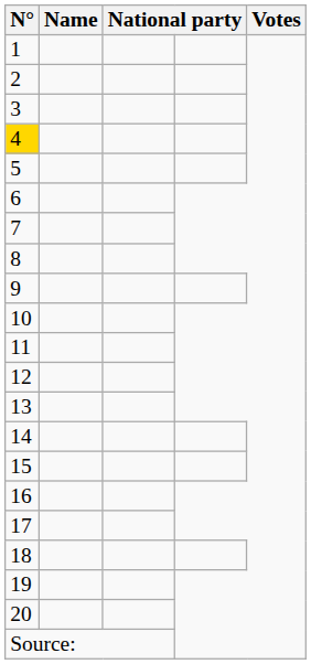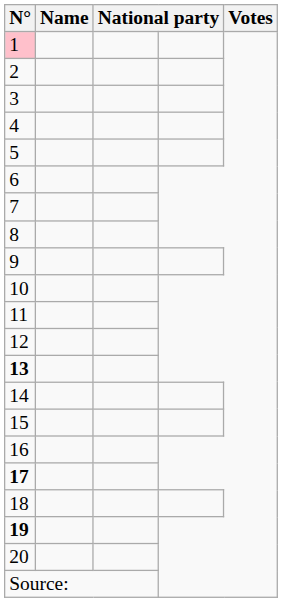 <table class="wikitable sortable" style="font-size:95%;line-height:14px;">
 <tr>
 <th>N°</th>
 <th>Name</th>
 <th colspan="2">National party</th>
 <th>Votes</th>
 </tr>
 <tr>
-<td>1</td>
+<td style="background: pink;">1</td>
 <td></td>
 <td></td>
 <td></td>
 </tr>
 <tr>
 <td>2</td>
 <td><em></em></td>
 <td></td>
 <td></td>
 </tr>
 <tr>
 <td>3</td>
 <td></td>
 <td></td>
 <td></td>
 </tr>
 <tr>
-<td style="background: gold;">4</td>
+<td>4</td>
 <td></td>
 <td></td>
 <td></td>
 </tr>
 <tr>
 <td>5</td>
 <td></td>
 <td></td>
 <td></td>
 </tr>
 <tr>
 <td>6</td>
 <td></td>
 <td></td>
 </tr>
 <tr>
 <td>7</td>
 <td></td>
 <td></td>
 </tr>
 <tr>
 <td>8</td>
 <td></td>
 <td></td>
 </tr>
 <tr>
 <td>9</td>
 <td><em></em></td>
 <td></td>
 <td></td>
 </tr>
 <tr>
 <td>10</td>
 <td></td>
 <td></td>
 </tr>
 <tr>
 <td>11</td>
 <td></td>
 <td></td>
 </tr>
 <tr>
 <td>12</td>
 <td></td>
 <td></td>
 </tr>
 <tr>
-<td>13</td>
+<td><strong>13</strong></td>
 <td></td>
 <td></td>
 </tr>
 <tr>
 <td>14</td>
 <td></td>
 <td></td>
 <td></td>
 </tr>
 <tr>
 <td>15</td>
 <td></td>
 <td></td>
 <td></td>
 </tr>
 <tr>
 <td>16</td>
 <td></td>
 <td></td>
 </tr>
 <tr>
-<td>17</td>
+<td><strong>17</strong></td>
 <td></td>
 <td></td>
 </tr>
 <tr>
 <td>18</td>
 <td><em></em></td>
 <td></td>
 <td></td>
 </tr>
 <tr>
-<td>19</td>
+<td><strong>19</strong></td>
 <td></td>
 <td></td>
 </tr>
 <tr>
 <td>20</td>
 <td></td>
 <td></td>
 </tr>
 <tr>
 <td colspan="3">Source: </td>
 </tr>
 </table>
